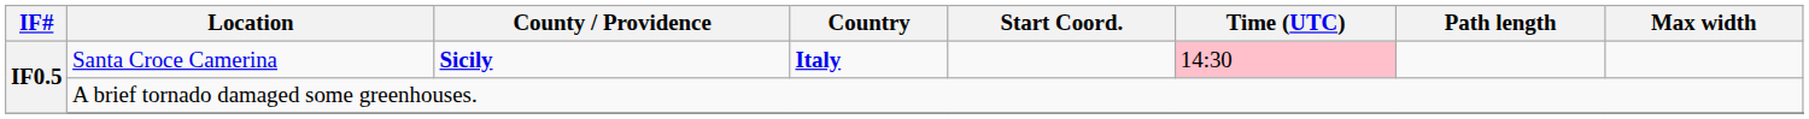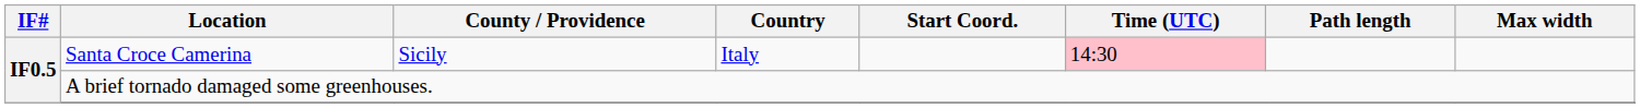 <table class="wikitable sortable" style="width:100%;">
 <tr>
 <th scope="col" width="2%" align="center"><a href='#'>IF#</a></th>
 <th scope="col" align="center" class="unsortable">Location</th>
 <th scope="col" align="center" class="unsortable">County / Providence</th>
 <th scope="col" align="center">Country</th>
 <th scope="col" align="center">Start Coord.</th>
 <th scope="col" align="center">Time (<a href='#'>UTC</a>)</th>
 <th scope="col" align="center">Path length</th>
 <th scope="col" align="center">Max width</th>
 </tr>
 <tr>
 <th scope="row" rowspan="2" style="background-color:#">IF0.5</th>
 <td><a href='#'>Santa Croce Camerina</a></td>
-<td><strong><a href='#'>Sicily</a></strong></td>
-<td><strong><a href='#'>Italy</a></strong></td>
+<td><a href='#'>Sicily</a></td>
+<td><a href='#'>Italy</a></td>
 <td></td>
 <td style="background: pink;">14:30</td>
 <td></td>
 <td></td>
 </tr>
 <tr class="expand-child">
 <td colspan="8" style=" border-bottom: 1px solid black;">A brief tornado damaged some greenhouses.</td>
 </tr>
 <tr>
 </tr>
 </table>
